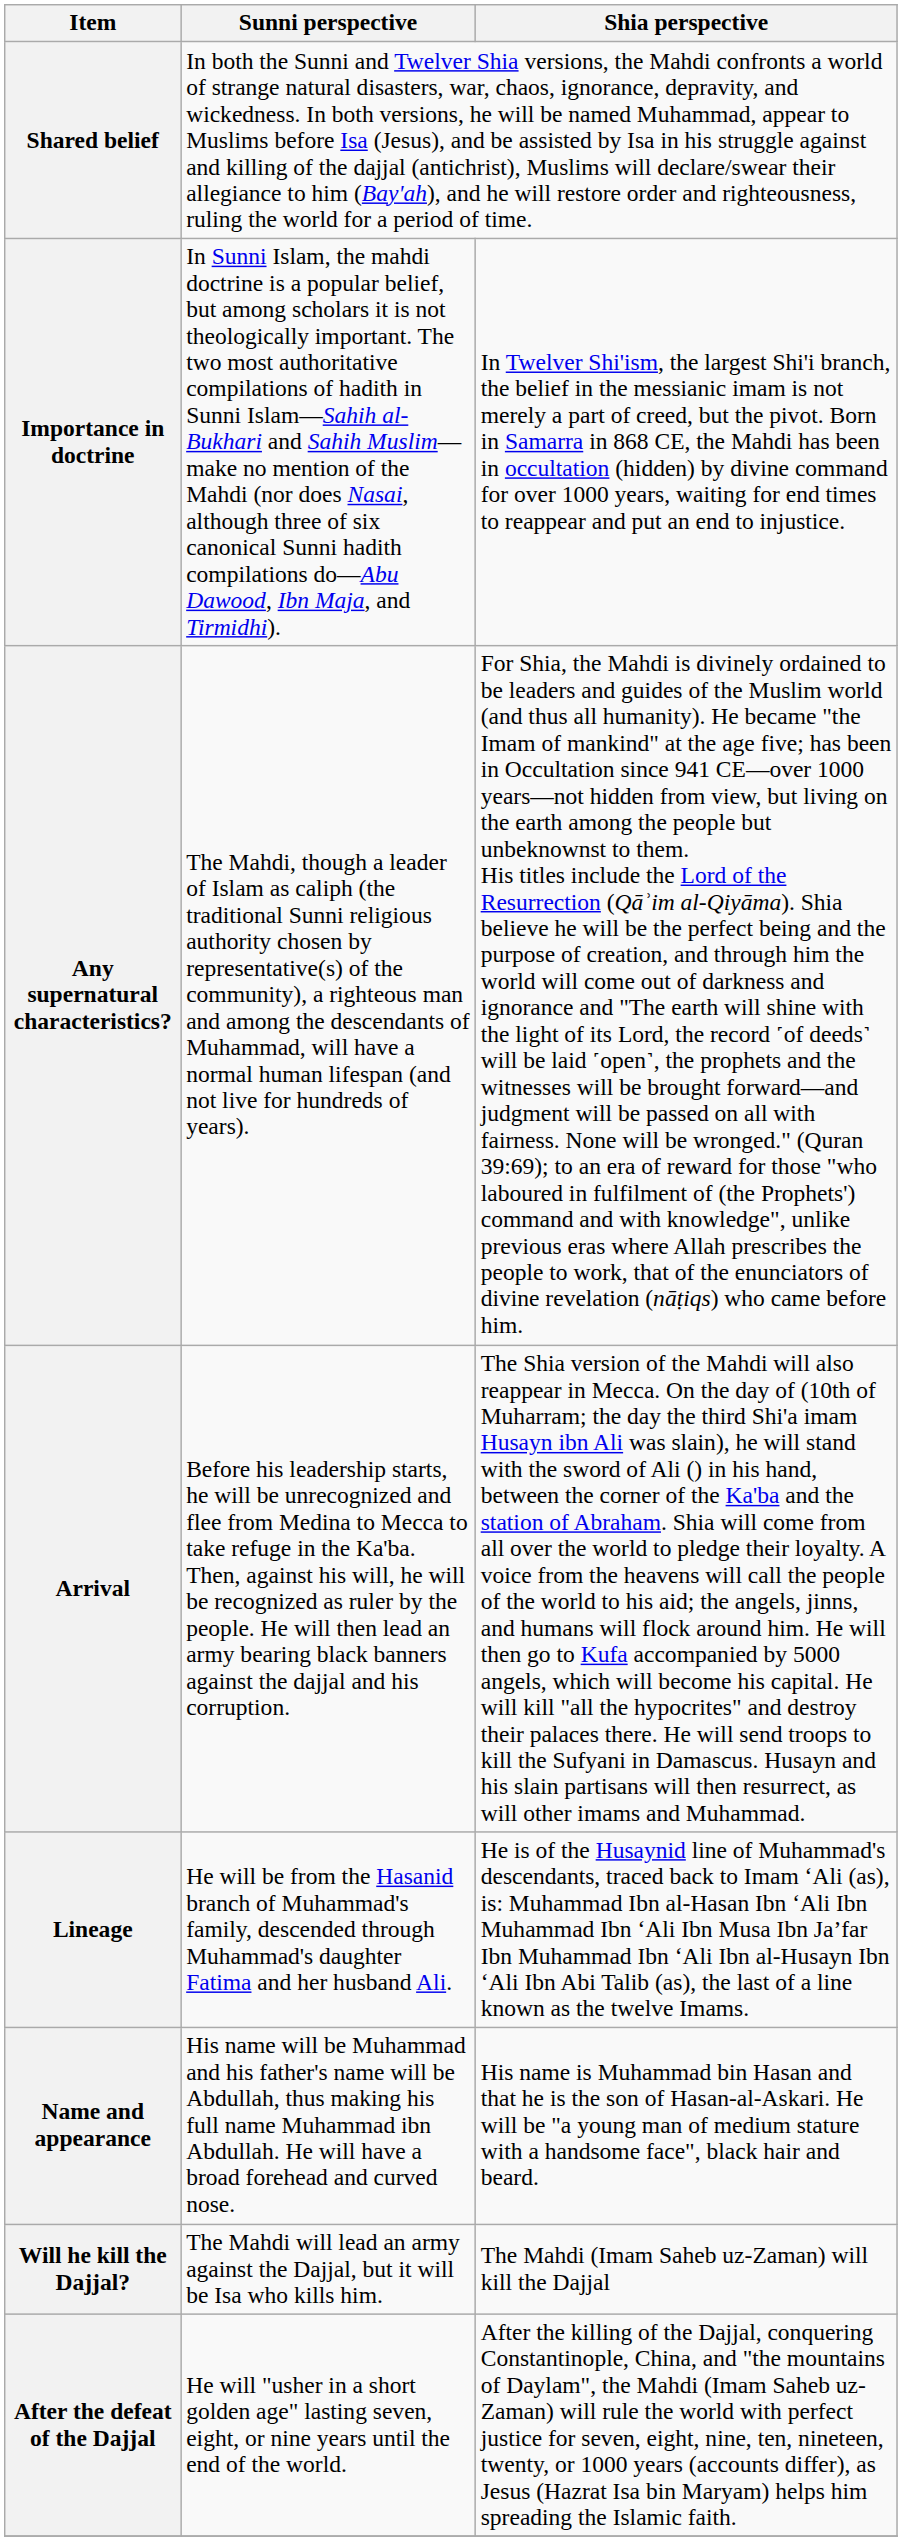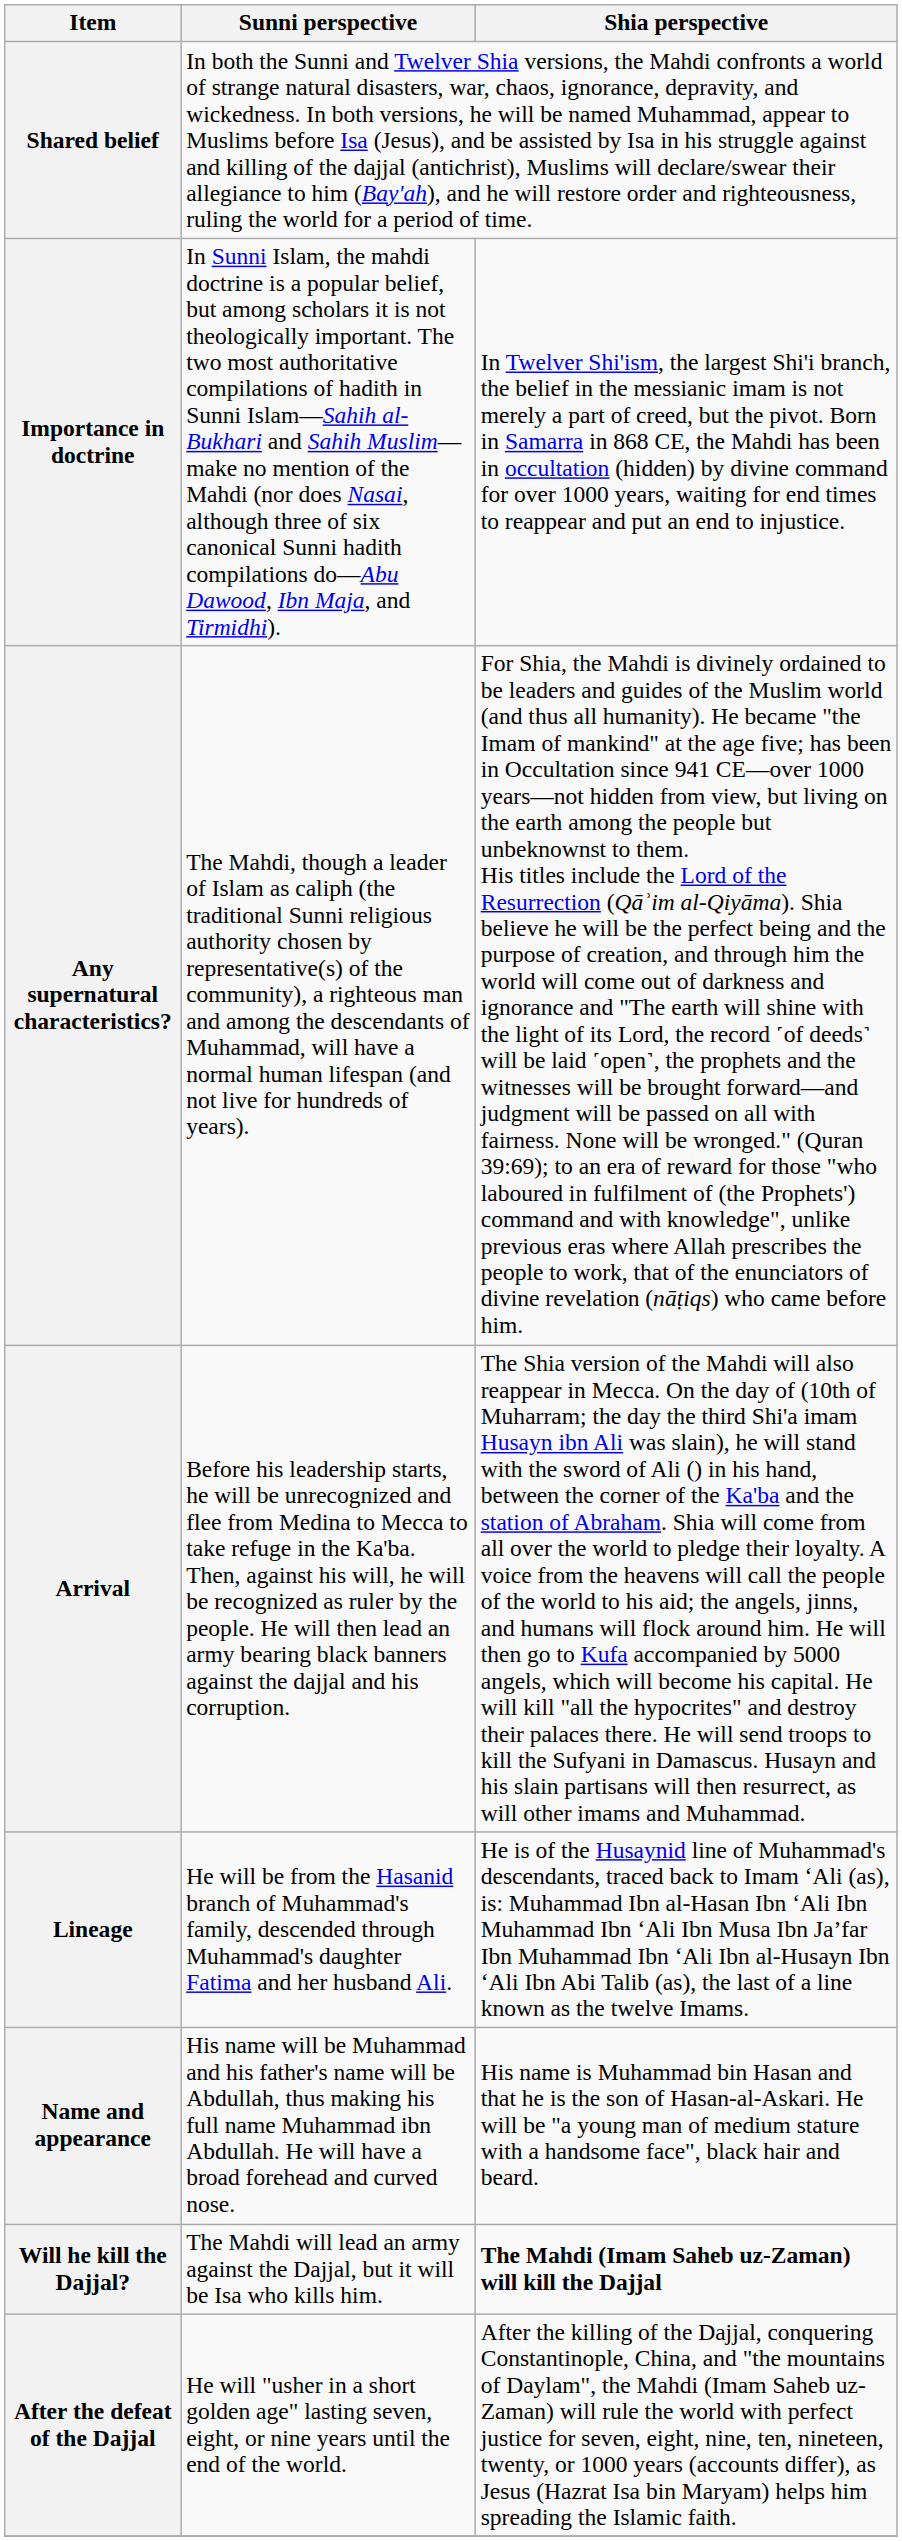 <table class="wikitable plainrowheaders">
 <tr>
 <th scope="col">Item</th>
 <th scope="col">Sunni perspective</th>
 <th scope="col">Shia perspective</th>
 </tr>
 <tr>
 <th scope="row">Shared belief</th>
 <td colspan="2">In both the Sunni and <a href='#'>Twelver Shia</a> versions, the Mahdi confronts a world of strange natural disasters, war, chaos, ignorance, depravity, and wickedness. In both versions, he will be named Muhammad, appear to Muslims before <a href='#'>Isa</a> (Jesus), and be assisted by Isa in his struggle against and killing of the dajjal (antichrist), Muslims will declare/swear their allegiance to him (<em><a href='#'>Bay'ah</a></em>), and he will restore order and righteousness, ruling the world for a period of time.</td>
 </tr>
 <tr>
 <th scope="row">Importance in doctrine</th>
 <td>In <a href='#'>Sunni</a> Islam, the mahdi doctrine is a popular belief, but among scholars it is not theologically important. The two most authoritative compilations of hadith in Sunni Islam—<em><a href='#'>Sahih al-Bukhari</a></em> and <em><a href='#'>Sahih Muslim</a></em>—make no mention of the Mahdi (nor does <em><a href='#'>Nasai</a></em>, although three of six canonical Sunni hadith compilations do—<em><a href='#'>Abu Dawood</a></em>, <em><a href='#'>Ibn Maja</a></em>, and <em><a href='#'>Tirmidhi</a></em>).</td>
 <td>In <a href='#'>Twelver Shi'ism</a>, the largest Shi'i branch, the belief in the messianic imam is not merely a part of creed, but the pivot. Born in <a href='#'>Samarra</a> in 868 CE, the Mahdi has been in <a href='#'>occultation</a> (hidden) by divine command for over 1000 years, waiting for end times to reappear and put an end to injustice.</td>
 </tr>
 <tr>
 <th scope="row">Any supernatural characteristics?</th>
 <td>The Mahdi, though a leader of Islam as caliph (the traditional Sunni religious authority chosen by representative(s) of the community), a righteous man and among the descendants of Muhammad, will have a normal human lifespan (and not live for hundreds of years).</td>
 <td>For Shia, the Mahdi is divinely ordained to be leaders and guides of the Muslim world (and thus all humanity). He became "the Imam of mankind" at the age five; has been in Occultation since 941 CE—over 1000 years—not hidden from view, but living on the earth among the people but unbeknownst to them.<br>His titles include the <a href='#'>Lord of the Resurrection</a> (<em>Qāʾim al-Qiyāma</em>). Shia believe he will be the perfect being and the purpose of creation, and through him the world will come out of darkness and ignorance and "The earth will shine with the light of its Lord, the record ˹of deeds˺ will be laid ˹open˺, the prophets and the witnesses will be brought forward—and judgment will be passed on all with fairness. None will be wronged." (Quran 39:69); to an era of reward for those "who laboured in fulfilment of (the Prophets') command and with knowledge", unlike previous eras where Allah prescribes the people to work, that of the enunciators of divine revelation (<em>nāṭiqs</em>) who came before him.</td>
 </tr>
 <tr>
 <th scope="row">Arrival</th>
 <td>Before his leadership starts, he will be unrecognized and flee from Medina to Mecca to take refuge in the Ka'ba. Then, against his will, he will be recognized as ruler by the people. He will then lead an army bearing black banners against the dajjal and his corruption.</td>
 <td>The Shia version of the Mahdi will also reappear in Mecca. On the day of  (10th of Muharram; the day the third Shi'a imam <a href='#'>Husayn ibn Ali</a> was slain), he will stand with the sword of Ali () in his hand, between the corner of the <a href='#'>Ka'ba</a> and the <a href='#'>station of Abraham</a>. Shia will come from all over the world to pledge their loyalty. A voice from the heavens will call the people of the world to his aid; the angels, jinns, and humans will flock around him. He will then go to <a href='#'>Kufa</a> accompanied by 5000 angels, which will become his capital. He will kill "all the hypocrites" and destroy their palaces there. He will send troops to kill the Sufyani in Damascus. Husayn and his slain partisans will then resurrect, as will other imams and Muhammad.</td>
 </tr>
 <tr>
 <th scope="row">Lineage</th>
 <td>He will be from the <a href='#'>Hasanid</a> branch of Muhammad's family, descended through Muhammad's daughter <a href='#'>Fatima</a> and her husband <a href='#'>Ali</a>.</td>
 <td>He is of the <a href='#'>Husaynid</a> line of Muhammad's descendants, traced back to Imam ‘Ali (as), is: Muhammad Ibn al-Hasan Ibn ‘Ali Ibn Muhammad Ibn ‘Ali Ibn Musa Ibn Ja’far Ibn Muhammad Ibn ‘Ali Ibn al-Husayn Ibn ‘Ali Ibn Abi Talib (as), the last of a line known as the twelve Imams.</td>
 </tr>
 <tr>
 <th scope="row">Name and appearance</th>
 <td>His name will be Muhammad and his father's name will be Abdullah, thus making his full name Muhammad ibn Abdullah.  He will have a broad forehead and curved nose.</td>
 <td>His name is Muhammad bin Hasan and that he is the son of Hasan-al-Askari. He will be "a young man of medium stature with a handsome face", black hair and beard.</td>
 </tr>
 <tr>
 <th scope=row>Will he kill the Dajjal?</th>
 <td>The Mahdi will lead an army against the Dajjal, but it will be Isa who kills him.</td>
-<td>The Mahdi (Imam Saheb uz-Zaman) will kill the Dajjal</td>
+<td><strong>The Mahdi (Imam Saheb uz-Zaman) will kill the Dajjal</strong></td>
 </tr>
 <tr>
 <th scope=row>After the defeat of the Dajjal</th>
 <td>He will "usher in a short golden age" lasting seven, eight, or nine years until the end of the world.</td>
 <td>After the killing of the Dajjal, conquering Constantinople, China, and "the mountains of Daylam", the Mahdi (Imam Saheb uz-Zaman) will rule the world with perfect justice for seven, eight, nine, ten, nineteen, twenty, or 1000 years (accounts differ), as Jesus (Hazrat Isa bin Maryam) helps him spreading the Islamic faith.</td>
 </tr>
 <tr>
 </tr>
 </table>
